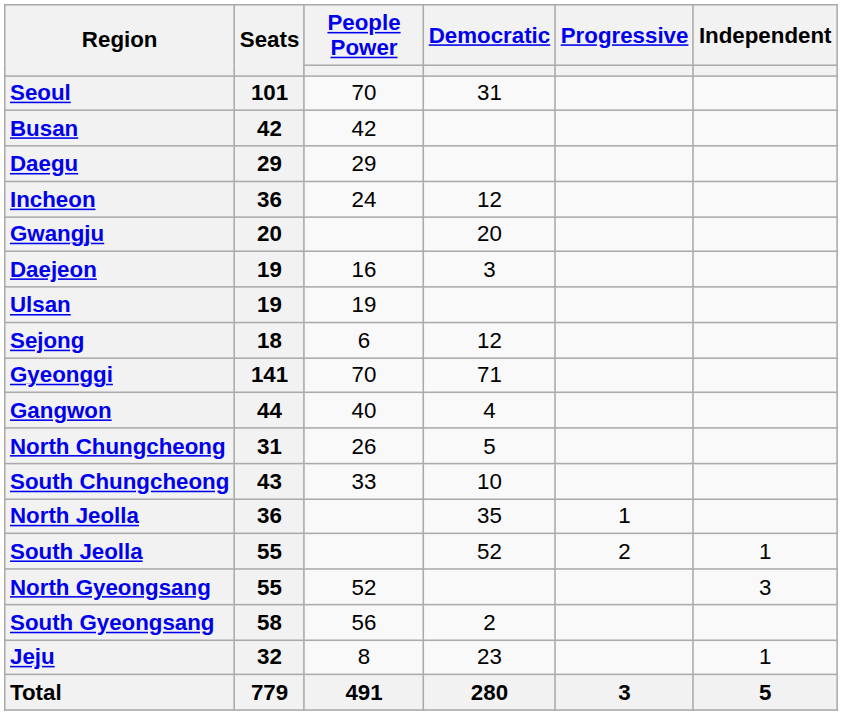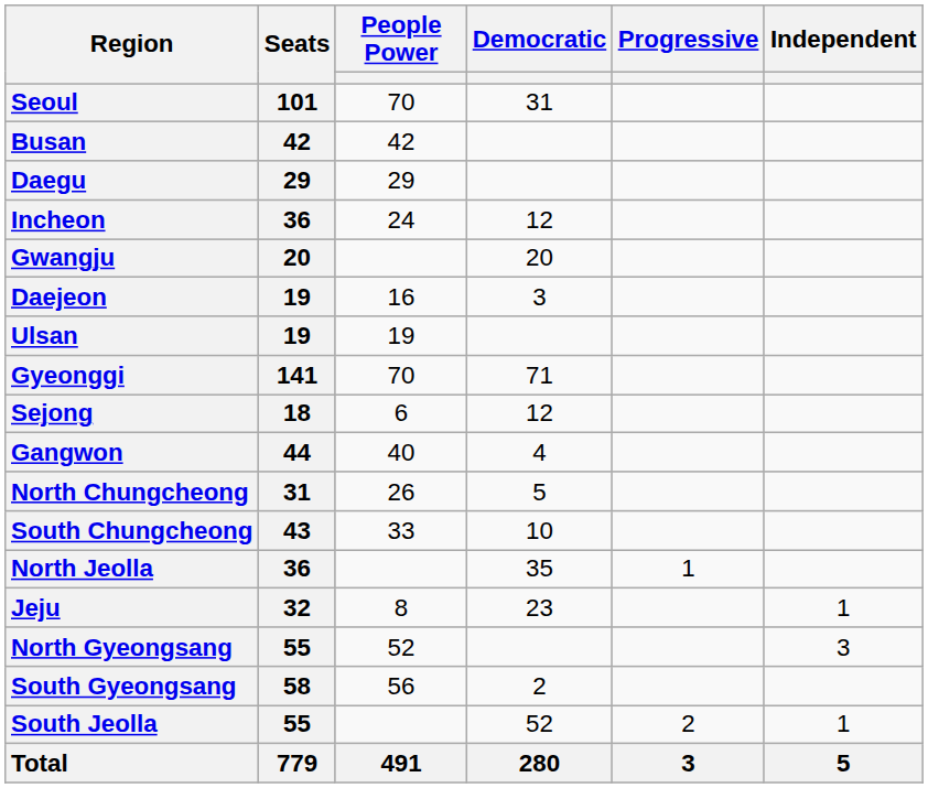 <table class="wikitable" style="text-align:center; font-size: 0.9em;">
 <tr>
 <th rowspan="2">Region</th>
 <th rowspan="2">Seats</th>
 <th class="unsortable" style="width:70px;"><a href='#'>People Power</a></th>
 <th class="unsortable" style="width:70px;"><a href='#'>Democratic</a></th>
 <th class="unsortable" style="width:70px;"><a href='#'>Progressive</a></th>
 <th class="unsortable" style="width:70px;">Independent</th>
 </tr>
 <tr>
 <th style="background:"></th>
 <th style="background:"></th>
 <th style="background:"></th>
 <th style="background:"></th>
 </tr>
 <tr>
 <th style="text-align: left;"><a href='#'>Seoul</a></th>
 <th>101</th>
 <td>70</td>
 <td>31</td>
 <td></td>
 <td></td>
 </tr>
 <tr>
 <th style="text-align: left;"><a href='#'>Busan</a></th>
 <th>42</th>
 <td>42</td>
 <td></td>
 <td></td>
 <td></td>
 </tr>
 <tr>
 <th style="text-align: left;"><a href='#'>Daegu</a></th>
 <th>29</th>
 <td>29</td>
 <td></td>
 <td></td>
 <td></td>
 </tr>
 <tr>
 <th style="text-align: left;"><a href='#'>Incheon</a></th>
 <th>36</th>
 <td>24</td>
 <td>12</td>
 <td></td>
 <td></td>
 </tr>
 <tr>
 <th style="text-align: left;"><a href='#'>Gwangju</a></th>
 <th>20</th>
 <td></td>
 <td>20</td>
 <td></td>
 <td></td>
 </tr>
 <tr>
 <th style="text-align: left;"><a href='#'>Daejeon</a></th>
 <th>19</th>
 <td>16</td>
 <td>3</td>
 <td></td>
 <td></td>
 </tr>
 <tr>
 <th style="text-align: left;"><a href='#'>Ulsan</a></th>
 <th>19</th>
 <td>19</td>
 <td></td>
 <td></td>
 <td></td>
 </tr>
 <tr>
+<th style="text-align: left;"><a href='#'>Gyeonggi</a></th>
+<th>141</th>
+<td>70</td>
+<td>71</td>
+<td></td>
+<td></td>
+</tr>
+<tr>
 <th style="text-align: left;"><a href='#'>Sejong</a></th>
 <th>18</th>
 <td>6</td>
 <td>12</td>
-<td></td>
-<td></td>
-</tr>
-<tr>
-<th style="text-align: left;"><a href='#'>Gyeonggi</a></th>
-<th>141</th>
-<td>70</td>
-<td>71</td>
 <td></td>
 <td></td>
 </tr>
 <tr>
 <th style="text-align: left;"><a href='#'>Gangwon</a></th>
 <th>44</th>
 <td>40</td>
 <td>4</td>
 <td></td>
 <td></td>
 </tr>
 <tr>
 <th style="text-align: left;"><a href='#'>North Chungcheong</a></th>
 <th>31</th>
 <td>26</td>
 <td>5</td>
 <td></td>
 <td></td>
 </tr>
 <tr>
 <th style="text-align: left;"><a href='#'>South Chungcheong</a></th>
 <th>43</th>
 <td>33</td>
 <td>10</td>
 <td></td>
 <td></td>
 </tr>
 <tr>
 <th style="text-align: left;"><a href='#'>North Jeolla</a></th>
 <th>36</th>
 <td></td>
 <td>35</td>
 <td>1</td>
 <td></td>
 </tr>
 <tr>
-<th style="text-align: left;"><a href='#'>South Jeolla</a></th>
-<th>55</th>
+<th style="text-align: left;"><a href='#'>Jeju</a></th>
+<th>32</th>
+<td>8</td>
+<td>23</td>
 <td></td>
-<td>52</td>
-<td>2</td>
 <td>1</td>
 </tr>
 <tr>
 <th style="text-align: left;"><a href='#'>North Gyeongsang</a></th>
 <th>55</th>
 <td>52</td>
 <td></td>
 <td></td>
 <td>3</td>
 </tr>
 <tr>
 <th style="text-align: left;"><a href='#'>South Gyeongsang</a></th>
 <th>58</th>
 <td>56</td>
 <td>2</td>
 <td></td>
 <td></td>
 </tr>
 <tr>
-<th style="text-align: left;"><a href='#'>Jeju</a></th>
-<th>32</th>
-<td>8</td>
-<td>23</td>
+<th style="text-align: left;"><a href='#'>South Jeolla</a></th>
+<th>55</th>
 <td></td>
+<td>52</td>
+<td>2</td>
 <td>1</td>
 </tr>
 <tr class="sortbottom">
 <th style="text-align: left;">Total</th>
 <th>779</th>
 <th>491</th>
 <th>280</th>
 <th>3</th>
 <th>5</th>
 </tr>
 </table>
